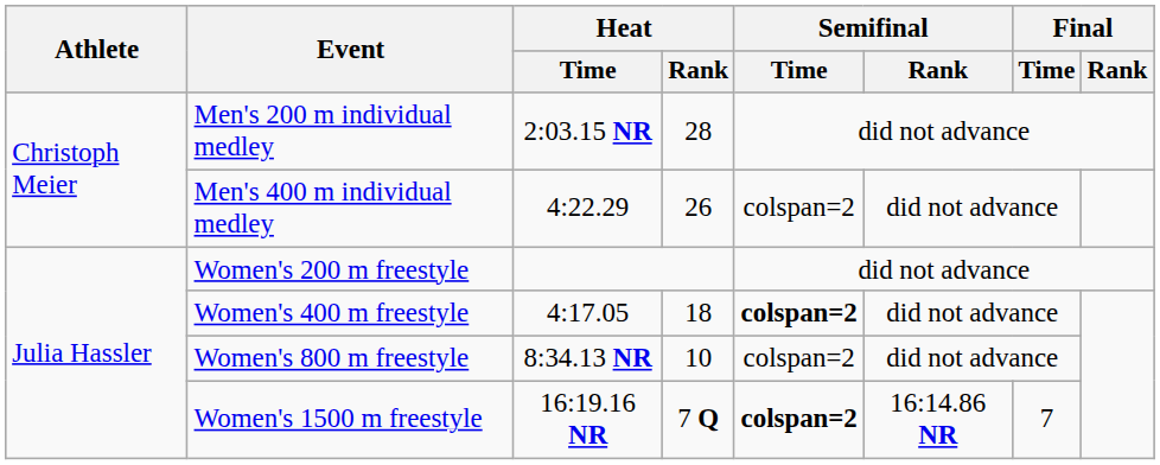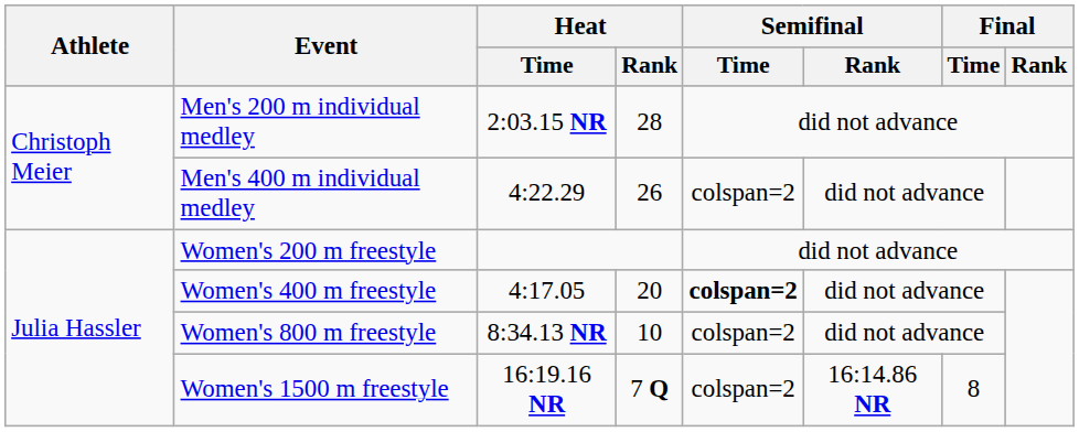 <table class=wikitable style="font-size:90%">
 <tr>
 <th rowspan="2">Athlete</th>
 <th rowspan="2">Event</th>
 <th colspan="2">Heat</th>
 <th colspan="2">Semifinal</th>
 <th colspan="2">Final</th>
 </tr>
 <tr style="font-size:95%">
 <th>Time</th>
 <th>Rank</th>
 <th>Time</th>
 <th>Rank</th>
 <th>Time</th>
 <th>Rank</th>
 </tr>
 <tr align=center>
 <td align=left rowspan=2><a href='#'>Christoph Meier</a></td>
 <td align=left><a href='#'>Men's 200 m individual medley</a></td>
 <td>2:03.15 <strong><a href='#'>NR</a></strong></td>
 <td>28</td>
 <td colspan=4>did not advance</td>
 </tr>
 <tr align=center>
 <td align=left><a href='#'>Men's 400 m individual medley</a></td>
 <td>4:22.29</td>
 <td>26</td>
 <td>colspan=2 </td>
 <td colspan=2>did not advance</td>
 </tr>
 <tr align=center>
 <td align=left rowspan=4><a href='#'>Julia Hassler</a></td>
 <td align=left><a href='#'>Women's 200 m freestyle</a></td>
 <td colspan=2></td>
 <td colspan=4>did not advance</td>
 </tr>
 <tr align=center>
 <td align=left><a href='#'>Women's 400 m freestyle</a></td>
 <td>4:17.05</td>
-<td>18</td>
+<td>20</td>
 <td><strong>colspan=2 </strong></td>
 <td colspan=2>did not advance</td>
 </tr>
 <tr align=center>
 <td align=left><a href='#'>Women's 800 m freestyle</a></td>
 <td>8:34.13 <strong><a href='#'>NR</a></strong></td>
 <td>10</td>
 <td>colspan=2 </td>
 <td colspan=2>did not advance</td>
 </tr>
 <tr align=center>
 <td align=left><a href='#'>Women's 1500 m freestyle</a></td>
 <td>16:19.16 <strong><a href='#'>NR</a></strong></td>
 <td>7 <strong>Q</strong></td>
-<td><strong>colspan=2 </strong></td>
+<td>colspan=2 </td>
 <td>16:14.86 <strong><a href='#'>NR</a></strong></td>
-<td>7</td>
+<td>8</td>
 </tr>
 </table>
